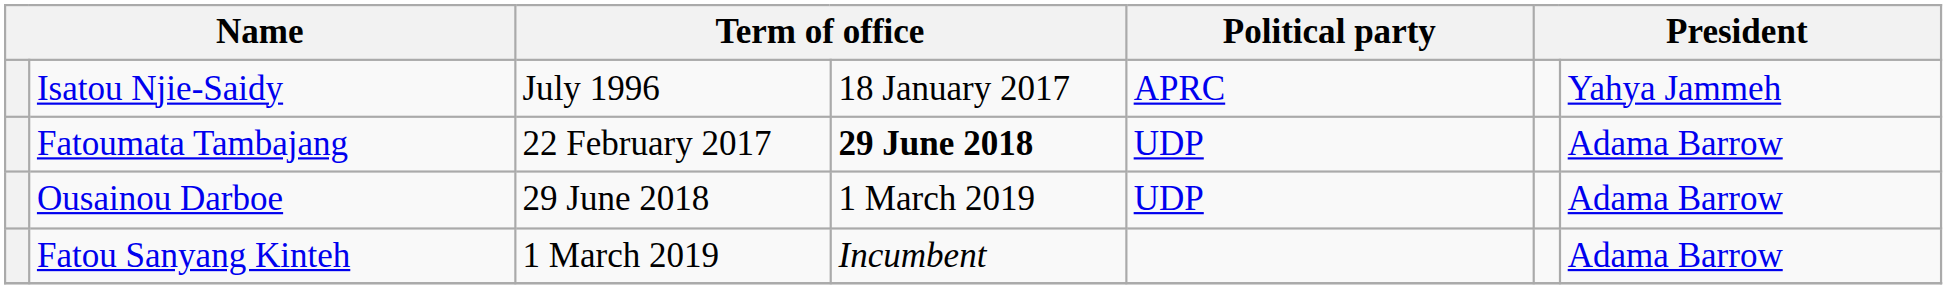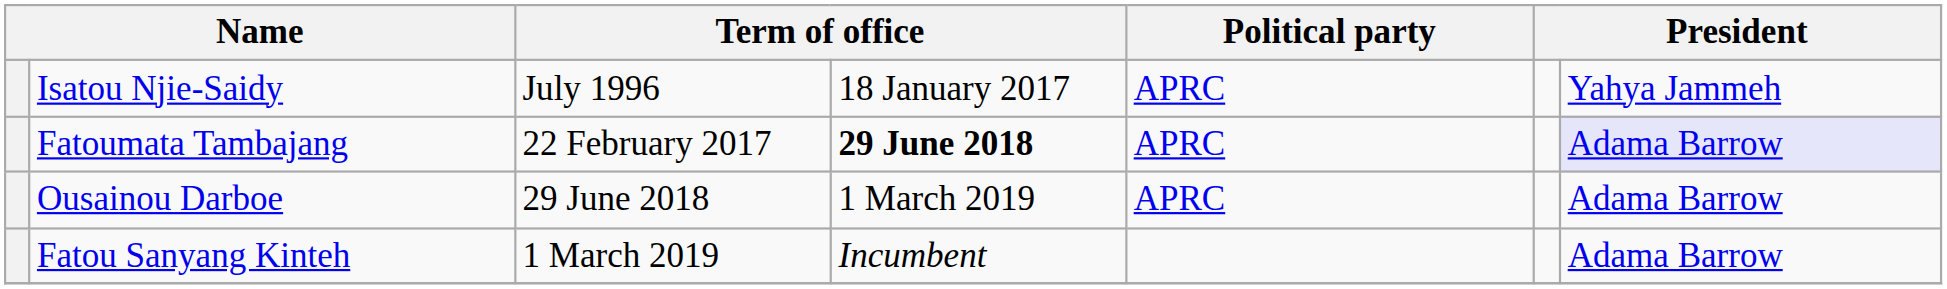 <table class="wikitable" width="70%">
 <tr>
 <th colspan="2" width="25%">Name<br></th>
 <th colspan="2" width="30%">Term of office</th>
 <th width="20%">Political party</th>
 <th colspan="2" width="20%">President</th>
 </tr>
 <tr>
 <th style="background-color: "></th>
 <td><a href='#'>Isatou Njie-Saidy</a><br></td>
 <td>July 1996</td>
 <td>18 January 2017</td>
 <td><a href='#'>APRC</a></td>
 <td style="background-color: "></td>
 <td><a href='#'>Yahya Jammeh</a></td>
 </tr>
 <tr>
 <th style="background-color: "></th>
 <td><a href='#'>Fatoumata Tambajang</a><br></td>
 <td>22 February 2017</td>
 <td><strong>29 June 2018</strong></td>
-<td><a href='#'>UDP</a></td>
+<td><a href='#'>APRC</a></td>
 <td style="background-color: "></td>
-<td><a href='#'>Adama Barrow</a></td>
+<td style="background: lavender;"><a href='#'>Adama Barrow</a></td>
 </tr>
 <tr>
 <th style="background-color: "></th>
 <td><a href='#'>Ousainou Darboe</a><br></td>
 <td>29 June 2018</td>
 <td>1 March 2019</td>
-<td><a href='#'>UDP</a></td>
+<td><a href='#'>APRC</a></td>
 <td style="background-color: "></td>
 <td><a href='#'>Adama Barrow</a></td>
 </tr>
 <tr>
 <th></th>
 <td><a href='#'>Fatou Sanyang Kinteh</a><br></td>
 <td>1 March 2019</td>
 <td><em>Incumbent</em></td>
 <td></td>
 <td style="background-color: "></td>
 <td><a href='#'>Adama Barrow</a></td>
 </tr>
 <tr>
 </tr>
 </table>
